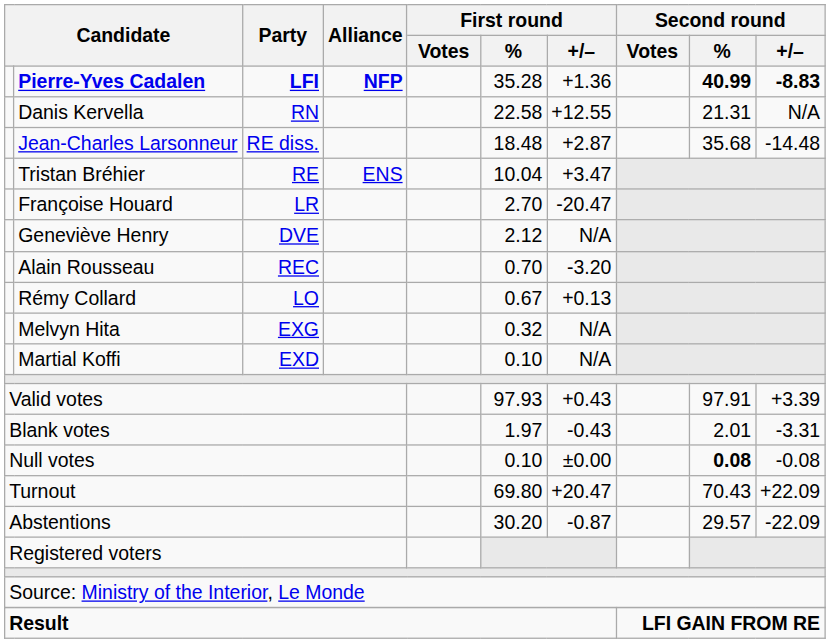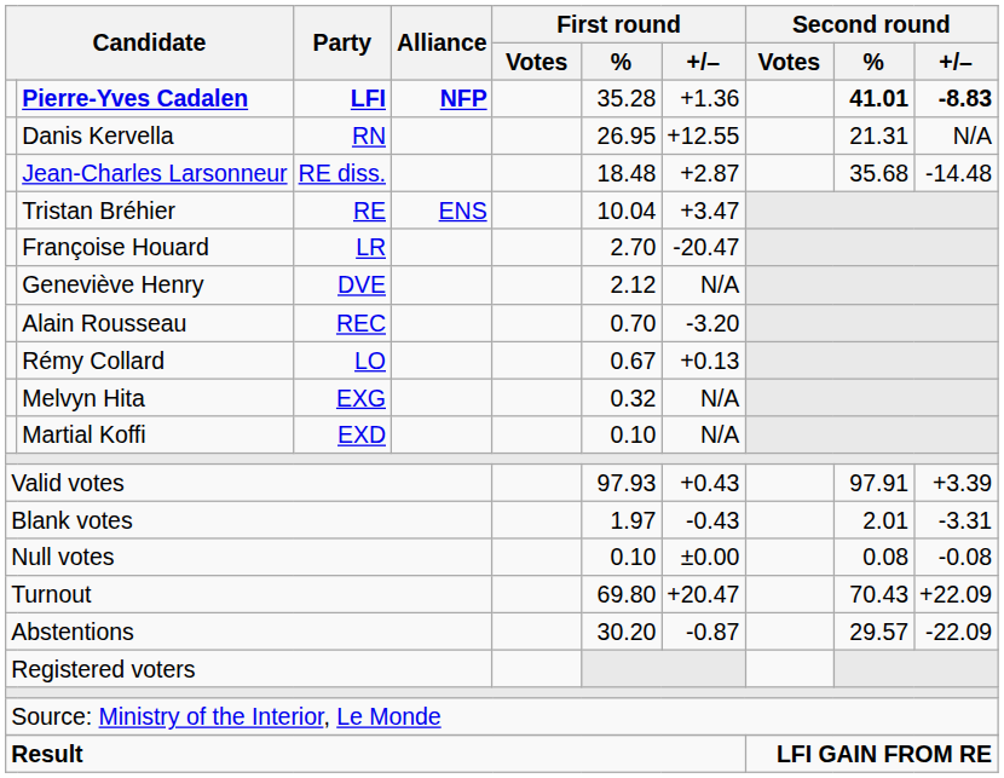 <table class="wikitable" style="text-align:right;font-size:95%;">
 <tr>
 <th rowspan="2" colspan="2">Candidate</th>
 <th rowspan="2">Party</th>
 <th rowspan="2">Alliance</th>
 <th colspan="3">First round</th>
 <th colspan="3">Second round</th>
 </tr>
 <tr>
 <th style="width:50px;">Votes</th>
 <th style="width:45px;">%</th>
 <th style="width:45px;">+/–</th>
 <th style="width:50px;">Votes</th>
 <th style="width:45px;">%</th>
 <th style="width:45px;">+/–</th>
 </tr>
 <tr>
 <td style="color:inherit;background:"></td>
 <td style="text-align:left;"><strong><a href='#'>Pierre-Yves Cadalen</a></strong></td>
 <td><a href='#'><strong>LFI</strong></a></td>
 <td><a href='#'><strong>NFP</strong></a></td>
 <td></td>
 <td>35.28</td>
 <td>+1.36</td>
 <td><strong></strong></td>
-<td><strong>40.99</strong></td>
+<td><strong>41.01</strong></td>
 <td><strong>-8.83</strong></td>
 </tr>
 <tr>
 <td style="color:inherit;background:"></td>
 <td style="text-align:left;">Danis Kervella</td>
 <td><a href='#'>RN</a></td>
 <td></td>
 <td></td>
-<td>22.58</td>
+<td>26.95</td>
 <td>+12.55</td>
 <td></td>
 <td>21.31</td>
 <td>N/A</td>
 </tr>
 <tr>
 <td style="color:inherit;background:"></td>
 <td style="text-align:left;"><a href='#'>Jean-Charles Larsonneur</a></td>
 <td><a href='#'>RE diss.</a></td>
 <td></td>
 <td></td>
 <td>18.48</td>
 <td>+2.87</td>
 <td></td>
 <td>35.68</td>
 <td>-14.48</td>
 </tr>
 <tr>
 <td style="color:inherit;background:"></td>
 <td style="text-align:left;">Tristan Bréhier</td>
 <td><a href='#'>RE</a></td>
 <td><a href='#'>ENS</a></td>
 <td></td>
 <td>10.04</td>
 <td>+3.47</td>
 <td colspan="3" style="background:#E9E9E9;"></td>
 </tr>
 <tr>
 <td style="color:inherit;background:"></td>
 <td style="text-align:left;">Françoise Houard</td>
 <td><a href='#'>LR</a></td>
 <td></td>
 <td></td>
 <td>2.70</td>
 <td>-20.47</td>
 <td colspan="3" style="background:#E9E9E9;"></td>
 </tr>
 <tr>
 <td style="color:inherit;background:"></td>
 <td style="text-align:left;">Geneviève Henry</td>
 <td><a href='#'>DVE</a></td>
 <td></td>
 <td></td>
 <td>2.12</td>
 <td>N/A</td>
 <td colspan="3" style="background:#E9E9E9;"></td>
 </tr>
 <tr>
 <td style="color:inherit;background:"></td>
 <td style="text-align:left;">Alain Rousseau</td>
 <td><a href='#'>REC</a></td>
 <td></td>
 <td></td>
 <td>0.70</td>
 <td>-3.20</td>
 <td colspan="3" style="background:#E9E9E9;"></td>
 </tr>
 <tr>
 <td style="color:inherit;background:"></td>
 <td style="text-align:left;">Rémy Collard</td>
 <td><a href='#'>LO</a></td>
 <td></td>
 <td></td>
 <td>0.67</td>
 <td>+0.13</td>
 <td colspan="3" style="background:#E9E9E9;"></td>
 </tr>
 <tr>
 <td style="color:inherit;background:"></td>
 <td style="text-align:left;">Melvyn Hita</td>
 <td><a href='#'>EXG</a></td>
 <td></td>
 <td></td>
 <td>0.32</td>
 <td>N/A</td>
 <td colspan="3" style="background:#E9E9E9;"></td>
 </tr>
 <tr>
 <td style="color:inherit;background:"></td>
 <td style="text-align:left;">Martial Koffi</td>
 <td><a href='#'>EXD</a></td>
 <td></td>
 <td></td>
 <td>0.10</td>
 <td>N/A</td>
 <td colspan="3" style="background:#E9E9E9;"></td>
 </tr>
 <tr>
 <td colspan="10" style="background:#E9E9E9;"></td>
 </tr>
 <tr>
 <td colspan="4" style="text-align:left;">Valid votes</td>
 <td></td>
 <td>97.93</td>
 <td>+0.43</td>
 <td></td>
 <td>97.91</td>
 <td>+3.39</td>
 </tr>
 <tr>
 <td colspan="4" style="text-align:left;">Blank votes</td>
 <td></td>
 <td>1.97</td>
 <td>-0.43</td>
 <td></td>
 <td>2.01</td>
 <td>-3.31</td>
 </tr>
 <tr>
 <td colspan="4" style="text-align:left;">Null votes</td>
 <td></td>
 <td>0.10</td>
 <td>±0.00</td>
 <td></td>
-<td><strong>0.08</strong></td>
+<td>0.08</td>
 <td>-0.08</td>
 </tr>
 <tr>
 <td colspan="4" style="text-align:left;">Turnout</td>
 <td></td>
 <td>69.80</td>
 <td>+20.47</td>
 <td></td>
 <td>70.43</td>
 <td>+22.09</td>
 </tr>
 <tr>
 <td colspan="4" style="text-align:left;">Abstentions</td>
 <td></td>
 <td>30.20</td>
 <td>-0.87</td>
 <td></td>
 <td>29.57</td>
 <td>-22.09</td>
 </tr>
 <tr>
 <td colspan="4" style="text-align:left;">Registered voters</td>
 <td></td>
 <td colspan="2" style="background:#E9E9E9;"></td>
 <td></td>
 <td colspan="2" style="background:#E9E9E9;"></td>
 </tr>
 <tr>
 <td colspan="10" style="background:#E9E9E9;"></td>
 </tr>
 <tr>
 <td colspan="10" style="text-align:left;">Source: <a href='#'>Ministry of the Interior</a>, <a href='#'>Le Monde</a></td>
 </tr>
 <tr>
 </tr>
 <tr style="font-weight:bold">
 <td colspan="7" style="text-align:left;">Result</td>
 <td colspan="7" style="background-color:">LFI GAIN FROM RE</td>
 </tr>
 </table>
